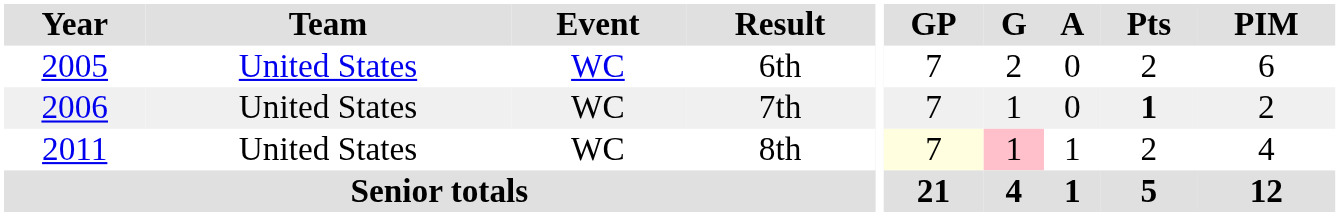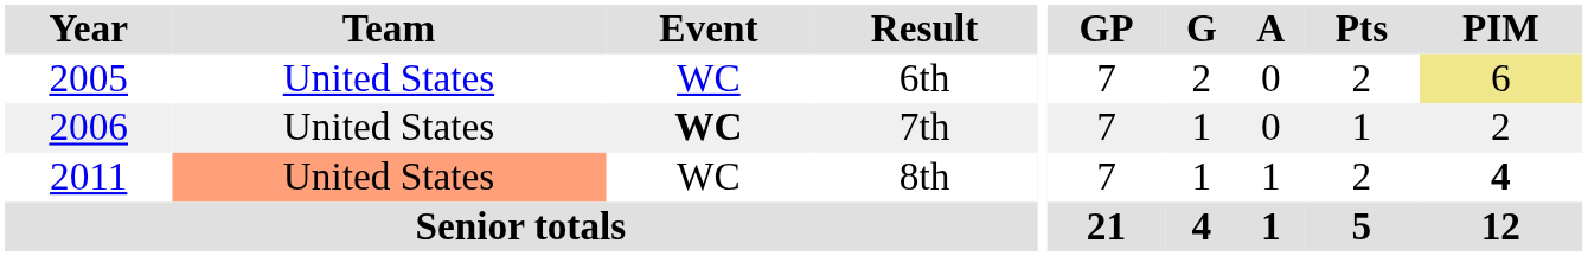 <table border="0" cellpadding="1" cellspacing="0" ID="Table3" style="text-align:center; width:40em">
 <tr ALIGN="center" bgcolor="#e0e0e0">
 <th>Year</th>
 <th>Team</th>
 <th>Event</th>
 <th>Result</th>
 <th rowspan="99" bgcolor="#ffffff"></th>
 <th>GP</th>
 <th>G</th>
 <th>A</th>
 <th>Pts</th>
 <th>PIM</th>
 </tr>
 <tr>
 <td><a href='#'>2005</a></td>
 <td><a href='#'>United States</a></td>
 <td><a href='#'>WC</a></td>
 <td>6th</td>
 <td>7</td>
 <td>2</td>
 <td>0</td>
 <td>2</td>
-<td>6</td>
+<td style="background: khaki;">6</td>
 </tr>
 <tr bgcolor="#f0f0f0">
 <td><a href='#'>2006</a></td>
 <td>United States</td>
-<td>WC</td>
+<td><strong>WC</strong></td>
 <td>7th</td>
 <td>7</td>
 <td>1</td>
 <td>0</td>
-<td><strong>1</strong></td>
+<td>1</td>
 <td>2</td>
 </tr>
 <tr>
 <td><a href='#'>2011</a></td>
-<td>United States</td>
+<td style="background: lightsalmon;">United States</td>
 <td>WC</td>
 <td>8th</td>
-<td style="background: lightyellow;">7</td>
-<td style="background: pink;">1</td>
+<td>7</td>
+<td>1</td>
 <td>1</td>
 <td>2</td>
-<td>4</td>
+<td><strong>4</strong></td>
 </tr>
 <tr bgcolor="#e0e0e0">
 <th colspan="4">Senior totals</th>
 <th>21</th>
 <th>4</th>
 <th>1</th>
 <th>5</th>
 <th>12</th>
 </tr>
 </table>
